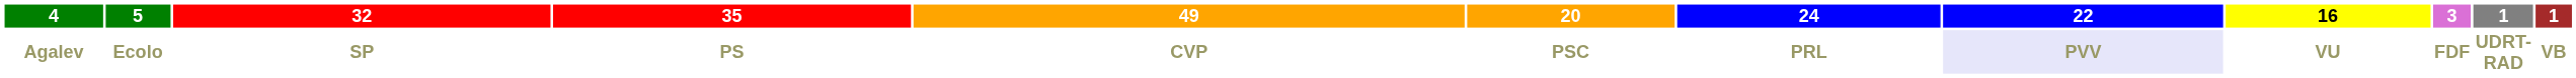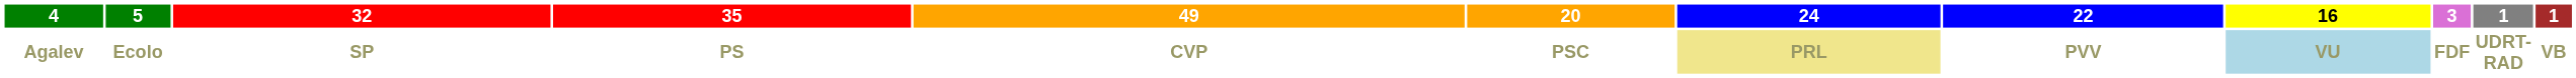 <table style="width:100%; font-size:88%; text-align:center;">
 <tr style="font-weight:bold">
 <td style="background:green; width:3.8%; color:white">4</td>
 <td style="background:green; width:2.5%; color:white">5</td>
 <td style="background:red; width:14.6%; color:white">32</td>
 <td style="background:red; width:13.8%; color:white">35</td>
 <td style="background:orange; width:21.3%; color:white">49</td>
 <td style="background:orange; width:8.0%; color:white">20</td>
 <td style="background:blue; width:10.2%; color:white">24</td>
 <td style="background:blue; width:10.8%; color:white">22</td>
 <td style="background:yellow; width:7.9%; color:black">16</td>
 <td style="background:orchid; width:1.2%; color:white">3</td>
 <td style="background:gray; width:1.2%; color:white">1</td>
 <td style="background:brown; width:1.4%; color:white">1</td>
 </tr>
 <tr style="font-weight:bold; color:#996;">
 <td>Agalev</td>
 <td>Ecolo</td>
 <td>SP</td>
 <td>PS</td>
 <td>CVP</td>
 <td>PSC</td>
-<td>PRL</td>
-<td style="background: lavender;">PVV</td>
-<td>VU</td>
+<td style="background: khaki;">PRL</td>
+<td>PVV</td>
+<td style="background: lightblue;">VU</td>
 <td>FDF</td>
 <td>UDRT-RAD</td>
 <td>VB</td>
 </tr>
 </table>
